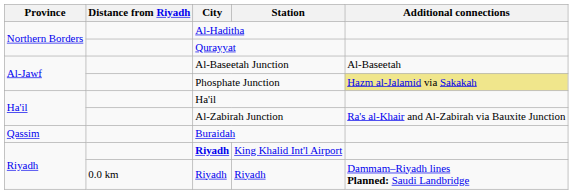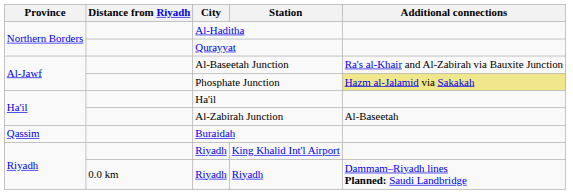 <table class="wikitable sortable mw-collapsible mw-collapsed">
 <tr>
 <th>Province</th>
 <th>Distance from <a href='#'>Riyadh</a></th>
 <th>City</th>
 <th>Station</th>
 <th>Additional connections</th>
 </tr>
 <tr>
 <td rowspan="2"><a href='#'>Northern Borders</a></td>
 <td></td>
 <td colspan="2"><a href='#'>Al-Haditha</a></td>
 <td></td>
 </tr>
 <tr>
 <td></td>
 <td colspan="2"><a href='#'>Qurayyat</a></td>
 <td></td>
 </tr>
 <tr>
 <td rowspan="2"><a href='#'>Al-Jawf</a></td>
 <td></td>
 <td colspan="2">Al-Baseetah Junction</td>
-<td>Al-Baseetah</td>
+<td><a href='#'>Ra's al-Khair</a> and Al-Zabirah via Bauxite Junction</td>
 </tr>
 <tr>
 <td></td>
 <td colspan="2">Phosphate Junction</td>
 <td style="background: khaki;"><a href='#'>Hazm al-Jalamid</a> via <a href='#'>Sakakah</a></td>
 </tr>
 <tr>
 <td rowspan="2"><a href='#'>Ha'il</a></td>
 <td></td>
 <td colspan="2">Ha'il</td>
 <td></td>
 </tr>
 <tr>
 <td></td>
 <td colspan="2">Al-Zabirah Junction</td>
-<td><a href='#'>Ra's al-Khair</a> and Al-Zabirah via Bauxite Junction</td>
+<td>Al-Baseetah</td>
 </tr>
 <tr>
 <td><a href='#'>Qassim</a></td>
 <td></td>
 <td colspan="2"><a href='#'>Buraidah</a></td>
 <td></td>
 </tr>
 <tr>
 <td rowspan="2"><a href='#'>Riyadh</a></td>
 <td></td>
-<td><strong><a href='#'>Riyadh</a></strong></td>
+<td><a href='#'>Riyadh</a></td>
 <td><a href='#'>King Khalid Int'l Airport</a></td>
 <td></td>
 </tr>
 <tr>
 <td>0.0 km</td>
 <td><a href='#'>Riyadh</a></td>
 <td><a href='#'>Riyadh</a></td>
 <td><a href='#'>Dammam–Riyadh lines</a><br><strong>Planned:</strong> <a href='#'>Saudi Landbridge</a></td>
 </tr>
 </table>
